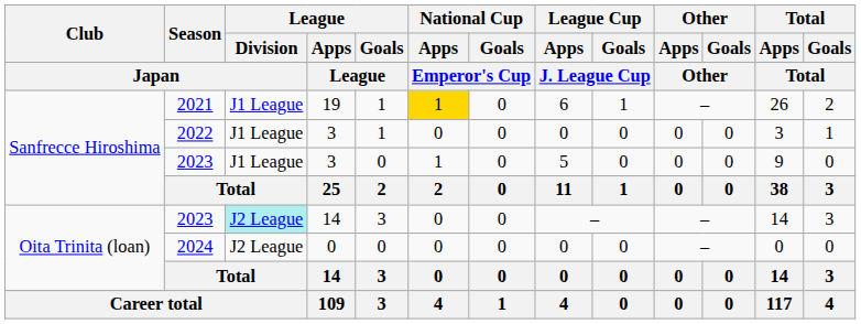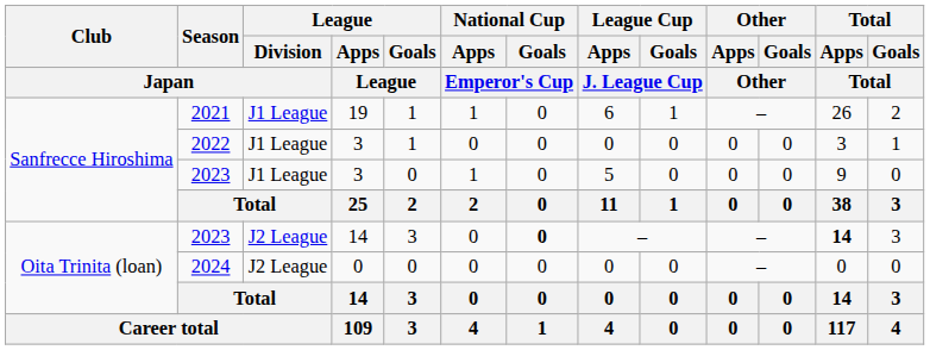 <table class="wikitable" style="text-align:center">
 <tr>
 <th rowspan=2>Club</th>
 <th rowspan=2>Season</th>
 <th colspan=3>League</th>
 <th colspan=2>National Cup</th>
 <th colspan=2>League Cup</th>
 <th colspan=2>Other</th>
 <th colspan=2>Total</th>
 </tr>
 <tr>
 <th>Division</th>
 <th>Apps</th>
 <th>Goals</th>
 <th>Apps</th>
 <th>Goals</th>
 <th>Apps</th>
 <th>Goals</th>
 <th>Apps</th>
 <th>Goals</th>
 <th>Apps</th>
 <th>Goals</th>
 </tr>
 <tr>
 <th colspan=3>Japan</th>
 <th colspan=2>League</th>
 <th colspan=2><a href='#'>Emperor's Cup</a></th>
 <th colspan=2><a href='#'>J. League Cup</a></th>
 <th colspan=2>Other</th>
 <th colspan=2>Total</th>
 </tr>
 <tr>
 <td rowspan="4"><a href='#'>Sanfrecce Hiroshima</a></td>
 <td><a href='#'>2021</a></td>
 <td><a href='#'>J1 League</a></td>
 <td>19</td>
 <td>1</td>
-<td style="background: gold;">1</td>
+<td>1</td>
 <td>0</td>
 <td>6</td>
 <td>1</td>
 <td colspan="2">–</td>
 <td>26</td>
 <td>2</td>
 </tr>
 <tr>
 <td><a href='#'>2022</a></td>
 <td>J1 League</td>
 <td>3</td>
 <td>1</td>
 <td>0</td>
 <td>0</td>
 <td>0</td>
 <td>0</td>
 <td>0</td>
 <td>0</td>
 <td>3</td>
 <td>1</td>
 </tr>
 <tr>
 <td><a href='#'>2023</a></td>
 <td>J1 League</td>
 <td>3</td>
 <td>0</td>
 <td>1</td>
 <td>0</td>
 <td>5</td>
 <td>0</td>
 <td>0</td>
 <td>0</td>
 <td>9</td>
 <td>0</td>
 </tr>
 <tr>
 <th colspan="2">Total</th>
 <th>25</th>
 <th>2</th>
 <th>2</th>
 <th>0</th>
 <th>11</th>
 <th>1</th>
 <th>0</th>
 <th>0</th>
 <th>38</th>
 <th>3</th>
 </tr>
 <tr>
 <td rowspan="3"><a href='#'>Oita Trinita</a> (loan)</td>
 <td><a href='#'>2023</a></td>
-<td style="background: paleturquoise;"><a href='#'>J2 League</a></td>
+<td><a href='#'>J2 League</a></td>
 <td>14</td>
 <td>3</td>
 <td>0</td>
-<td>0</td>
+<td><strong>0</strong></td>
 <td colspan="2">–</td>
 <td colspan="2">–</td>
-<td>14</td>
+<td><strong>14</strong></td>
 <td>3</td>
 </tr>
 <tr>
 <td><a href='#'>2024</a></td>
 <td>J2 League</td>
 <td>0</td>
 <td>0</td>
 <td>0</td>
 <td>0</td>
 <td>0</td>
 <td>0</td>
 <td colspan="2">–</td>
 <td>0</td>
 <td>0</td>
 </tr>
 <tr>
 <th colspan="2">Total</th>
 <th>14</th>
 <th>3</th>
 <th>0</th>
 <th>0</th>
 <th>0</th>
 <th>0</th>
 <th>0</th>
 <th>0</th>
 <th>14</th>
 <th>3</th>
 </tr>
 <tr>
 <th colspan=3>Career total</th>
 <th>109</th>
 <th>3</th>
 <th>4</th>
 <th>1</th>
 <th>4</th>
 <th>0</th>
 <th>0</th>
 <th>0</th>
 <th>117</th>
 <th>4</th>
 </tr>
 </table>
